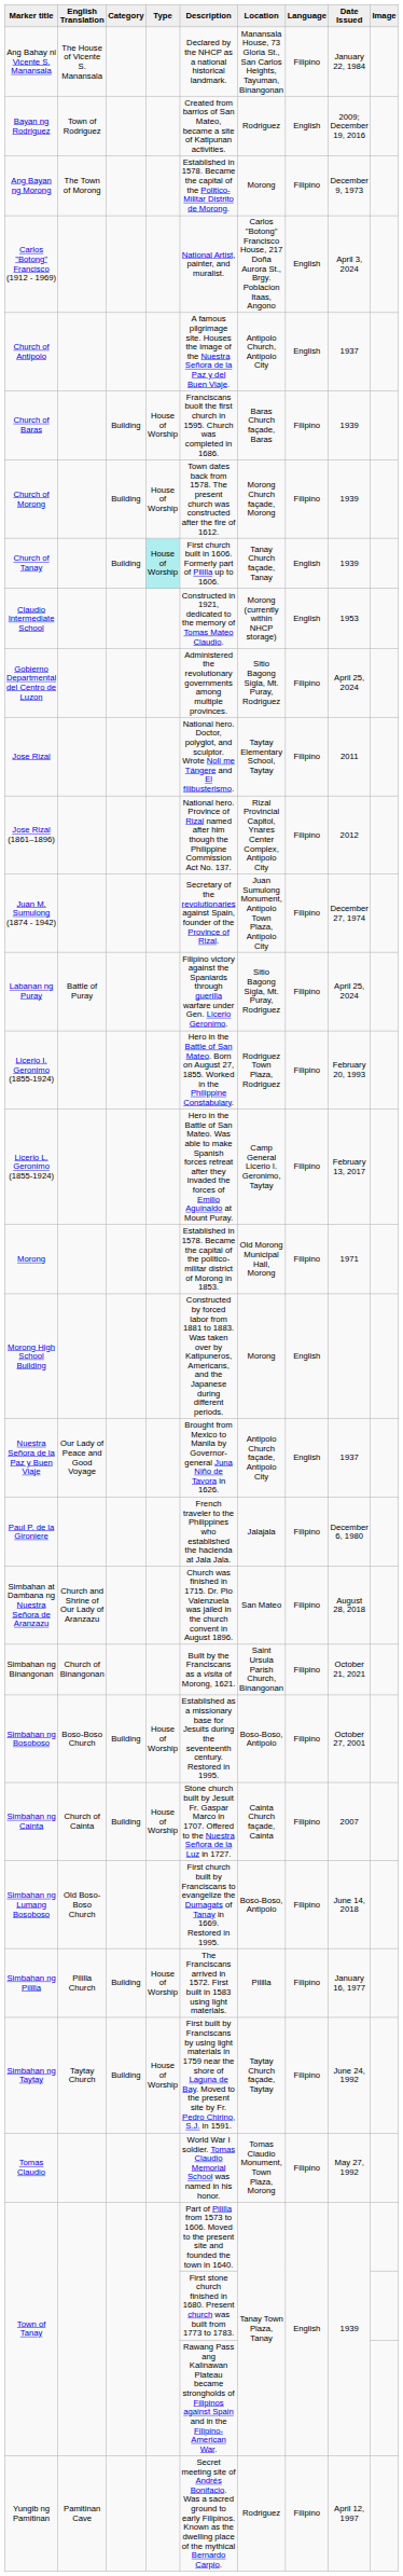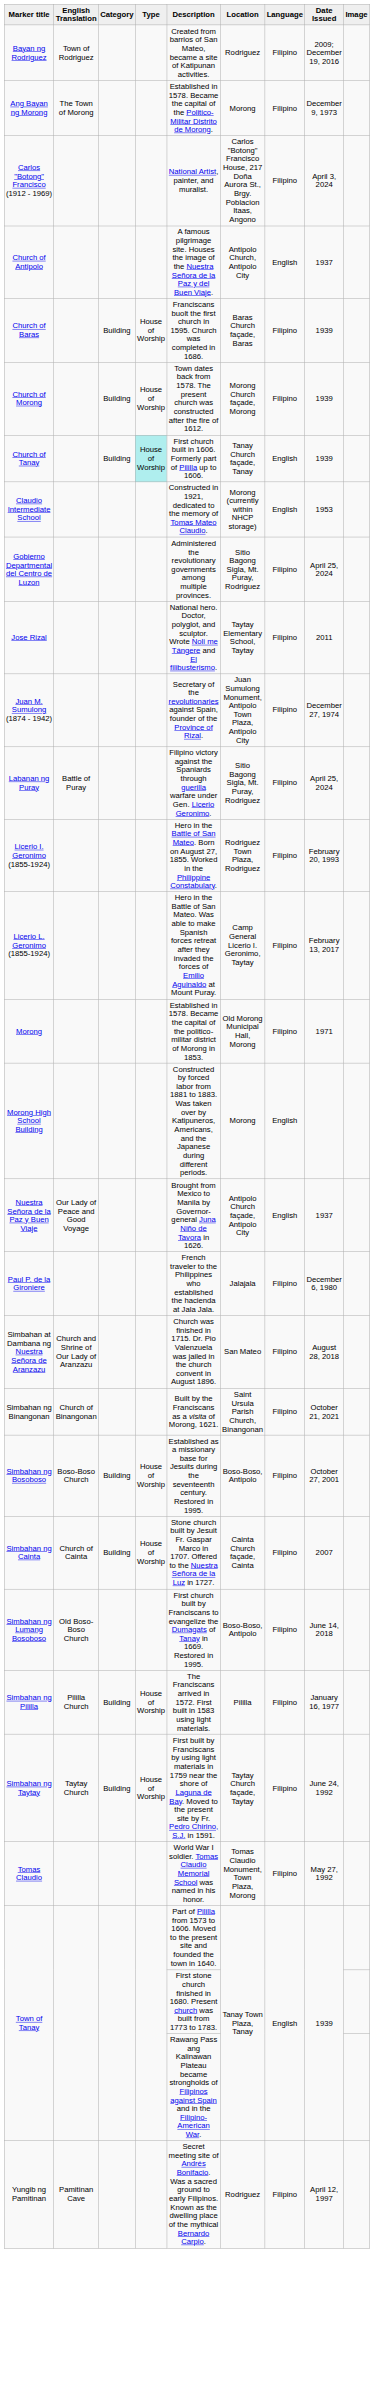 <table class="wikitable" style="width:90%; text-align:center;">
 <tr>
 <th style="width:20%; background:#efefef;">Marker title</th>
 <th style="width:20%; background:#efefef;">English Translation</th>
 <th style="width:10%; background:#efefef;">Category</th>
 <th style="width:10%; background:#efefef;">Type</th>
 <th style="width:20%; background:#efefef;">Description</th>
 <th style="width:20%; background:#efefef;">Location</th>
 <th style="width:10%; background:#efefef;">Language</th>
 <th style="width:10%; background:#efefef;">Date Issued</th>
 <th style="width:10%; background:#efefef;">Image</th>
 </tr>
 <tr>
-<td>Ang Bahay ni <a href='#'>Vicente S. Manansala</a></td>
-<td>The House of Vicente S. Manansala</td>
-<td></td>
-<td></td>
-<td>Declared by the NHCP as a national historical landmark.</td>
-<td>Manansala House, 73 Gloria St., San Carlos Heights, Tayuman, Binangonan</td>
-<td>Filipino</td>
-<td>January 22, 1984</td>
-<td></td>
-</tr>
-<tr>
 <td><a href='#'>Bayan ng Rodriguez</a></td>
 <td>Town of Rodriguez</td>
 <td></td>
 <td></td>
 <td>Created from barrios of San Mateo, became a site of Katipunan activities.</td>
 <td>Rodriguez</td>
-<td>English</td>
+<td>Filipino</td>
 <td>2009; December 19, 2016</td>
 <td></td>
 </tr>
 <tr>
 <td><a href='#'>Ang Bayan ng Morong</a></td>
 <td>The Town of Morong</td>
 <td></td>
 <td></td>
 <td>Established in 1578. Became the capital of the <a href='#'>Politico-Militar Distrito de Morong</a>.</td>
 <td>Morong</td>
 <td>Filipino</td>
 <td>December 9, 1973</td>
 <td></td>
 </tr>
 <tr>
 <td><a href='#'>Carlos "Botong" Francisco</a><br>(1912 - 1969)</td>
 <td></td>
 <td></td>
 <td></td>
 <td><a href='#'>National Artist</a>, painter, and muralist.</td>
 <td>Carlos "Botong" Francisco House, 217 Doña Aurora St., Brgy. Poblacion Itaas, Angono</td>
-<td>English</td>
+<td>Filipino</td>
 <td>April 3, 2024</td>
 <td></td>
 </tr>
 <tr>
 <td><a href='#'>Church of Antipolo</a></td>
 <td></td>
 <td></td>
 <td></td>
 <td>A famous pilgrimage site. Houses the image of the <a href='#'>Nuestra Señora de la Paz y del Buen Viaje</a>.</td>
 <td>Antipolo Church, Antipolo City</td>
 <td>English</td>
 <td>1937</td>
 <td></td>
 </tr>
 <tr>
 <td><a href='#'>Church of Baras</a></td>
 <td></td>
 <td>Building</td>
 <td>House of Worship</td>
 <td>Franciscans buolt the first church in 1595. Church was completed in 1686.</td>
 <td>Baras Church façade, Baras</td>
 <td>Filipino</td>
 <td>1939</td>
 <td></td>
 </tr>
 <tr>
 <td><a href='#'>Church of Morong</a></td>
 <td></td>
 <td>Building</td>
 <td>House of Worship</td>
 <td>Town dates back from 1578. The present church was constructed after the fire of 1612.</td>
 <td>Morong Church façade, Morong</td>
 <td>Filipino</td>
 <td>1939</td>
 <td></td>
 </tr>
 <tr>
 <td><a href='#'>Church of Tanay</a></td>
 <td></td>
 <td>Building</td>
 <td style="background: paleturquoise;">House of Worship</td>
 <td>First church built in 1606. Formerly part of <a href='#'>Pililla</a> up to 1606.</td>
 <td>Tanay Church façade, Tanay</td>
 <td>English</td>
 <td>1939</td>
 <td><br></td>
 </tr>
 <tr>
 <td><a href='#'>Claudio Intermediate School</a></td>
 <td></td>
 <td></td>
 <td></td>
 <td>Constructed in 1921, dedicated to the memory of <a href='#'>Tomas Mateo Claudio</a>.</td>
 <td>Morong (currently within NHCP storage)</td>
 <td>English</td>
 <td>1953</td>
 <td></td>
 </tr>
 <tr>
 <td><a href='#'>Gobierno Departmental del Centro de Luzon</a></td>
 <td></td>
 <td></td>
 <td></td>
 <td>Administered the revolutionary governments among multiple provinces.</td>
 <td>Sitio Bagong Sigla, Mt. Puray, Rodriguez</td>
 <td>Filipino</td>
 <td>April 25, 2024</td>
 <td></td>
 </tr>
 <tr>
 <td><a href='#'>Jose Rizal</a></td>
 <td></td>
 <td></td>
 <td></td>
 <td>National hero. Doctor, polyglot, and sculptor. Wrote <a href='#'>Noli me Tángere</a> and <a href='#'>El filibusterismo</a>.</td>
 <td>Taytay Elementary School, Taytay</td>
 <td>Filipino</td>
 <td>2011</td>
-<td></td>
-</tr>
-<tr>
-<td><a href='#'>Jose Rizal</a><br>(1861–1896)</td>
-<td></td>
-<td></td>
-<td></td>
-<td>National hero. Province of <a href='#'>Rizal</a> named after him though the Philippine Commission Act No. 137.</td>
-<td>Rizal Provincial Capitol, Ynares Center Complex, Antipolo City</td>
-<td>Filipino</td>
-<td>2012</td>
 <td></td>
 </tr>
 <tr>
 <td><a href='#'>Juan M. Sumulong</a> <br> (1874 - 1942)</td>
 <td></td>
 <td></td>
 <td></td>
 <td>Secretary of the <a href='#'>revolutionaries</a> against Spain, founder of the <a href='#'>Province of Rizal</a>.</td>
 <td>Juan Sumulong Monument, Antipolo Town Plaza, Antipolo City</td>
 <td>Filipino</td>
 <td>December 27, 1974</td>
 <td><br></td>
 </tr>
 <tr>
 <td><a href='#'>Labanan ng Puray</a></td>
 <td>Battle of Puray</td>
 <td></td>
 <td></td>
 <td>Filipino victory against the Spaniards through <a href='#'>guerilla</a> warfare under Gen. <a href='#'>Licerio Geronimo</a>.</td>
 <td>Sitio Bagong Sigla, Mt. Puray, Rodriguez</td>
 <td>Filipino</td>
 <td>April 25, 2024</td>
 <td></td>
 </tr>
 <tr>
 <td><a href='#'>Licerio I. Geronimo</a><br>(1855-1924)</td>
 <td></td>
 <td></td>
 <td></td>
 <td>Hero in the <a href='#'>Battle of San Mateo</a>. Born on August 27, 1855. Worked in the <a href='#'>Philippine Constabulary</a>.</td>
 <td>Rodriguez Town Plaza, Rodriguez</td>
 <td>Filipino</td>
 <td>February 20, 1993</td>
 <td></td>
 </tr>
 <tr>
 <td><a href='#'>Licerio L. Geronimo</a><br>(1855-1924)</td>
 <td></td>
 <td></td>
 <td></td>
 <td>Hero in the Battle of San Mateo. Was able to make Spanish forces retreat after they invaded the forces of <a href='#'>Emilio Aguinaldo</a> at Mount Puray.</td>
 <td>Camp General Licerio I. Geronimo, Taytay</td>
 <td>Filipino</td>
 <td>February 13, 2017</td>
 <td></td>
 </tr>
 <tr>
 <td><a href='#'>Morong</a></td>
 <td></td>
 <td></td>
 <td></td>
 <td>Established in 1578. Became the capital of the politico-militar district of Morong in 1853.</td>
 <td>Old Morong Municipal Hall, Morong</td>
 <td>Filipino</td>
 <td>1971</td>
 <td></td>
 </tr>
 <tr>
 <td><a href='#'>Morong High School Building</a></td>
 <td></td>
 <td></td>
 <td></td>
 <td>Constructed by forced labor from 1881 to 1883. Was taken over by Katipuneros, Americans, and the Japanese during different periods.</td>
 <td>Morong</td>
 <td>English</td>
 <td></td>
 <td></td>
 </tr>
 <tr>
 <td><a href='#'>Nuestra Señora de la Paz y Buen Viaje</a></td>
 <td>Our Lady of Peace and Good Voyage</td>
 <td></td>
 <td></td>
 <td>Brought from Mexico to Manila by Governor-general <a href='#'>Juna Niño de Tavora</a> in 1626.</td>
 <td>Antipolo Church façade, Antipolo City</td>
 <td>English</td>
 <td>1937</td>
 <td></td>
 </tr>
 <tr>
 <td><a href='#'>Paul P. de la Gironiere</a></td>
 <td></td>
 <td></td>
 <td></td>
 <td>French traveler to the Philippines who established the hacienda at Jala Jala.</td>
 <td>Jalajala</td>
 <td>Filipino</td>
 <td>December 6, 1980</td>
 <td></td>
 </tr>
 <tr>
 <td>Simbahan at Dambana ng <a href='#'>Nuestra Señora de Aranzazu</a></td>
 <td>Church and Shrine of Our Lady of Aranzazu</td>
 <td></td>
 <td></td>
 <td>Church was finished in 1715. Dr. Pio Valenzuela was jailed in the church convent in August 1896.</td>
 <td>San Mateo</td>
 <td>Filipino</td>
 <td>August 28, 2018</td>
 <td><br></td>
 </tr>
 <tr>
 <td>Simbahan ng Binangonan</td>
 <td>Church of Binangonan</td>
 <td></td>
 <td></td>
 <td>Built by the Franciscans as a <em>visita</em> of Morong, 1621.</td>
 <td>Saint Ursula Parish Church, Binangonan</td>
 <td>Filipino</td>
 <td>October 21, 2021</td>
 <td></td>
 </tr>
 <tr>
 <td><a href='#'>Simbahan ng Bosoboso</a></td>
 <td>Boso-Boso Church</td>
 <td>Building</td>
 <td>House of Worship</td>
 <td>Established as a missionary base for Jesuits during the seventeenth century. Restored in 1995.</td>
 <td>Boso-Boso, Antipolo</td>
 <td>Filipino</td>
 <td>October 27, 2001</td>
 <td><br></td>
 </tr>
 <tr>
 <td><a href='#'>Simbahan ng Cainta</a></td>
 <td>Church of Cainta</td>
 <td>Building</td>
 <td>House of Worship</td>
 <td>Stone church built by Jesuit Fr. Gaspar Marco in 1707. Offered to the <a href='#'>Nuestra Señora de la Luz</a> in 1727.</td>
 <td>Cainta Church façade, Cainta</td>
 <td>Filipino</td>
 <td>2007</td>
 <td><br></td>
 </tr>
 <tr>
 <td><a href='#'>Simbahan ng Lumang Bosoboso</a></td>
 <td>Old Boso-Boso Church</td>
 <td></td>
 <td></td>
 <td>First church built by Franciscans to evangelize the <a href='#'>Dumagats</a> of <a href='#'>Tanay</a> in 1669. Restored in 1995.</td>
 <td>Boso-Boso, Antipolo</td>
 <td>Filipino</td>
 <td>June 14, 2018</td>
 <td></td>
 </tr>
 <tr>
 <td><a href='#'>Simbahan ng Pililla</a></td>
 <td>Pililla Church</td>
 <td>Building</td>
 <td>House of Worship</td>
 <td>The Franciscans arrived in 1572. First built in 1583 using light materials.</td>
 <td>Pililla</td>
 <td>Filipino</td>
 <td>January 16, 1977</td>
 <td></td>
 </tr>
 <tr>
 <td><a href='#'>Simbahan ng Taytay</a></td>
 <td>Taytay Church</td>
 <td>Building</td>
 <td>House of Worship</td>
 <td>First built by Franciscans by using light materials in 1759 near the shore of <a href='#'>Laguna de Bay</a>. Moved to the present site by Fr. <a href='#'>Pedro Chirino, S.J.</a> in 1591.</td>
 <td>Taytay Church façade, Taytay</td>
 <td>Filipino</td>
 <td>June 24, 1992</td>
 <td><br></td>
 </tr>
 <tr>
 <td><a href='#'>Tomas Claudio</a></td>
 <td></td>
 <td></td>
 <td></td>
 <td>World War I soldier. <a href='#'>Tomas Claudio Memorial School</a> was named in his honor.</td>
 <td>Tomas Claudio Monument, Town Plaza, Morong</td>
 <td>Filipino</td>
 <td>May 27, 1992</td>
 <td></td>
 </tr>
 <tr>
 <td rowspan="3"><a href='#'>Town of Tanay</a></td>
 <td rowspan="3"></td>
 <td rowspan="3"></td>
 <td rowspan="3"></td>
 <td>Part of <a href='#'>Pililla</a> from 1573 to 1606. Moved to the present site and founded the town in 1640.</td>
 <td rowspan="3">Tanay Town Plaza, Tanay</td>
 <td rowspan="3">English</td>
 <td rowspan="3">1939</td>
 <td></td>
 </tr>
 <tr>
 <td>First stone church finished in 1680. Present <a href='#'>church</a> was built from 1773 to 1783.</td>
 <td></td>
 </tr>
 <tr>
 <td>Rawang Pass ang Kalinawan Plateau became strongholds of <a href='#'>Filipinos against Spain</a> and in the <a href='#'>Filipino-American War</a>.</td>
 <td></td>
 </tr>
 <tr>
 <td>Yungib ng Pamitinan</td>
 <td>Pamitinan Cave</td>
 <td></td>
 <td></td>
 <td>Secret meeting site of <a href='#'>Andrés Bonifacio</a>. Was a sacred ground to early Filipinos. Known as the dwelling place of the mythical <a href='#'>Bernardo Carpio</a>.</td>
 <td>Rodriguez</td>
 <td>Filipino</td>
 <td>April 12, 1997</td>
 <td></td>
 </tr>
 </table>
